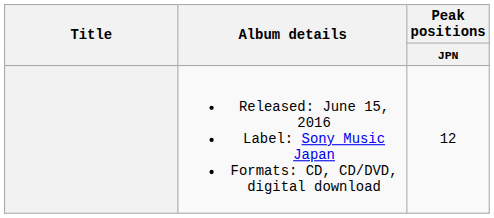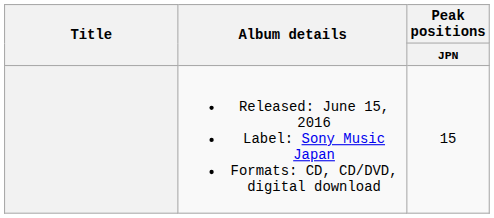 <table class="wikitable plainrowheaders" style="text-align:center;">
 <tr>
 <th style="width:12em;" rowspan="2">Title</th>
 <th style="width:16em;" rowspan="2">Album details</th>
 <th colspan="1">Peak positions</th>
 </tr>
 <tr>
 <th style="width:2.5em;"><small>JPN</small><br></th>
 </tr>
 <tr>
 <th scope="row"></th>
 <td><br><ul><li>Released: June 15, 2016</li><li>Label: <a href='#'>Sony Music Japan</a></li><li>Formats: CD, CD/DVD, digital download</li></ul></td>
-<td>12</td>
+<td>15</td>
 </tr>
 </table>
